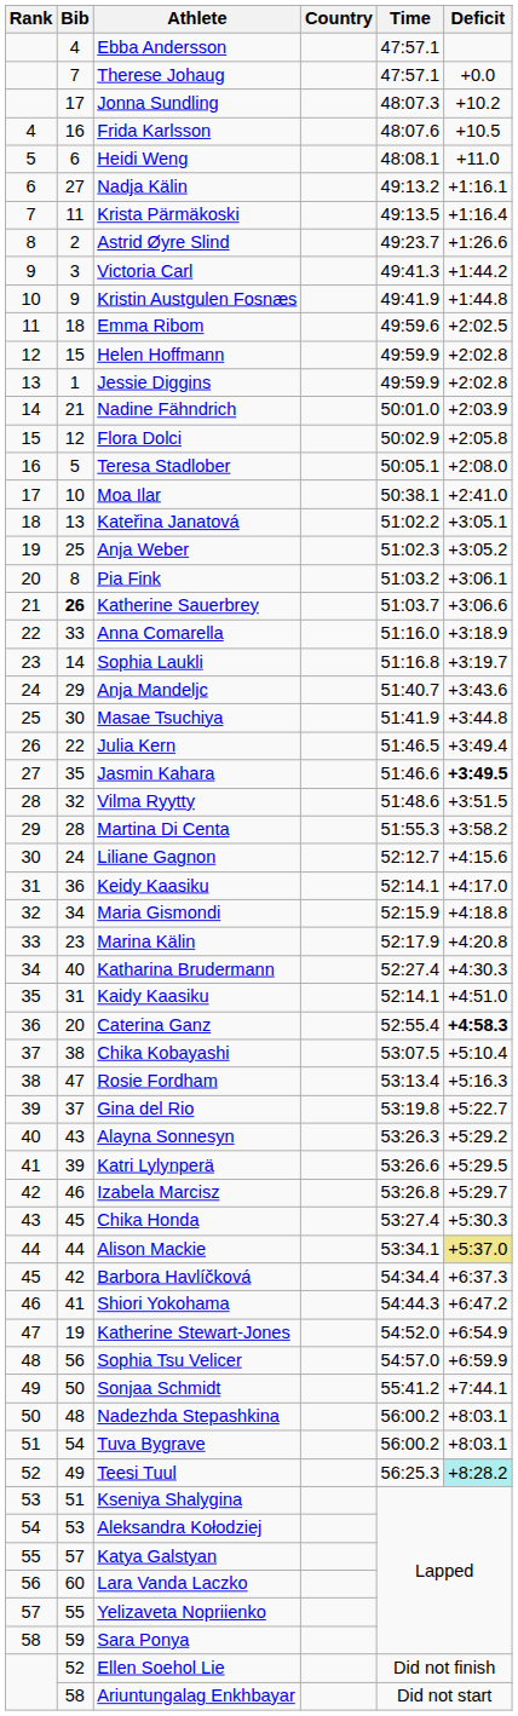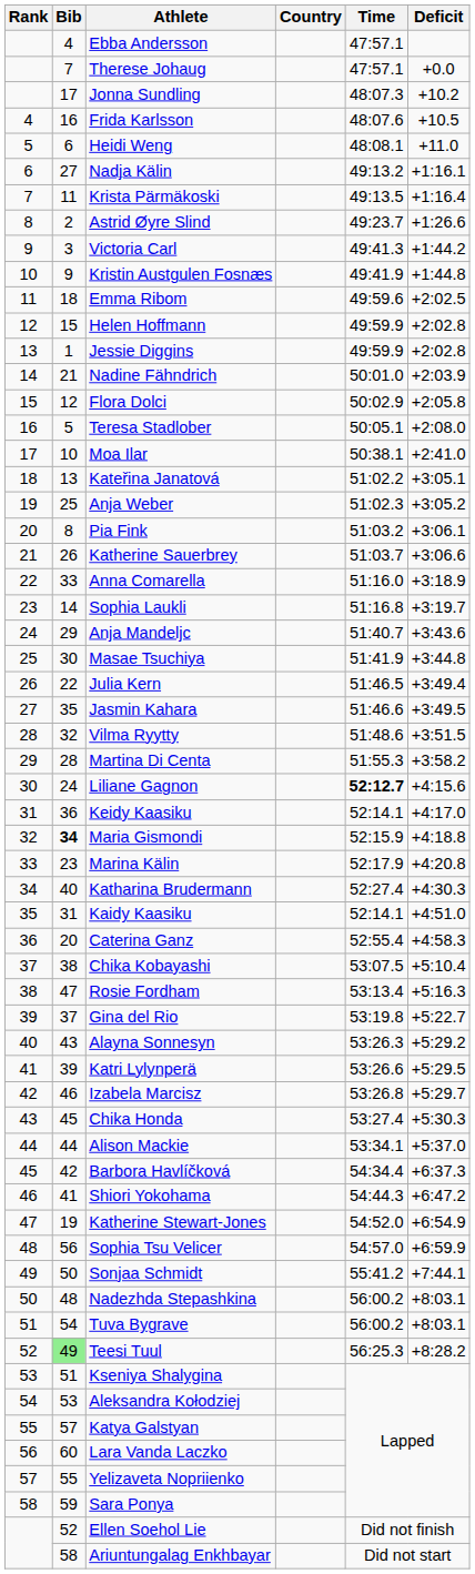 <table class="wikitable sortable" style="text-align:center">
 <tr>
 <th>Rank</th>
 <th>Bib</th>
 <th>Athlete</th>
 <th>Country</th>
 <th>Time</th>
 <th>Deficit</th>
 </tr>
 <tr>
 <td></td>
 <td>4</td>
 <td align=left><a href='#'>Ebba Andersson</a></td>
 <td align=left></td>
 <td>47:57.1</td>
 <td></td>
 </tr>
 <tr>
 <td></td>
 <td>7</td>
 <td align=left><a href='#'>Therese Johaug</a></td>
 <td align=left></td>
 <td>47:57.1</td>
 <td>+0.0</td>
 </tr>
 <tr>
 <td></td>
 <td>17</td>
 <td align=left><a href='#'>Jonna Sundling</a></td>
 <td align=left></td>
 <td>48:07.3</td>
 <td>+10.2</td>
 </tr>
 <tr>
 <td>4</td>
 <td>16</td>
 <td align=left><a href='#'>Frida Karlsson</a></td>
 <td align=left></td>
 <td>48:07.6</td>
 <td>+10.5</td>
 </tr>
 <tr>
 <td>5</td>
 <td>6</td>
 <td align=left><a href='#'>Heidi Weng</a></td>
 <td align=left></td>
 <td>48:08.1</td>
 <td>+11.0</td>
 </tr>
 <tr>
 <td>6</td>
 <td>27</td>
 <td align=left><a href='#'>Nadja Kälin</a></td>
 <td align=left></td>
 <td>49:13.2</td>
 <td>+1:16.1</td>
 </tr>
 <tr>
 <td>7</td>
 <td>11</td>
 <td align=left><a href='#'>Krista Pärmäkoski</a></td>
 <td align=left></td>
 <td>49:13.5</td>
 <td>+1:16.4</td>
 </tr>
 <tr>
 <td>8</td>
 <td>2</td>
 <td align=left><a href='#'>Astrid Øyre Slind</a></td>
 <td align=left></td>
 <td>49:23.7</td>
 <td>+1:26.6</td>
 </tr>
 <tr>
 <td>9</td>
 <td>3</td>
 <td align=left><a href='#'>Victoria Carl</a></td>
 <td align=left></td>
 <td>49:41.3</td>
 <td>+1:44.2</td>
 </tr>
 <tr>
 <td>10</td>
 <td>9</td>
 <td align=left><a href='#'>Kristin Austgulen Fosnæs</a></td>
 <td align=left></td>
 <td>49:41.9</td>
 <td>+1:44.8</td>
 </tr>
 <tr>
 <td>11</td>
 <td>18</td>
 <td align=left><a href='#'>Emma Ribom</a></td>
 <td align=left></td>
 <td>49:59.6</td>
 <td>+2:02.5</td>
 </tr>
 <tr>
 <td>12</td>
 <td>15</td>
 <td align=left><a href='#'>Helen Hoffmann</a></td>
 <td align=left></td>
 <td>49:59.9</td>
 <td>+2:02.8</td>
 </tr>
 <tr>
 <td>13</td>
 <td>1</td>
 <td align=left><a href='#'>Jessie Diggins</a></td>
 <td align=left></td>
 <td>49:59.9</td>
 <td>+2:02.8</td>
 </tr>
 <tr>
 <td>14</td>
 <td>21</td>
 <td align=left><a href='#'>Nadine Fähndrich</a></td>
 <td align=left></td>
 <td>50:01.0</td>
 <td>+2:03.9</td>
 </tr>
 <tr>
 <td>15</td>
 <td>12</td>
 <td align=left><a href='#'>Flora Dolci</a></td>
 <td align=left></td>
 <td>50:02.9</td>
 <td>+2:05.8</td>
 </tr>
 <tr>
 <td>16</td>
 <td>5</td>
 <td align=left><a href='#'>Teresa Stadlober</a></td>
 <td align=left></td>
 <td>50:05.1</td>
 <td>+2:08.0</td>
 </tr>
 <tr>
 <td>17</td>
 <td>10</td>
 <td align=left><a href='#'>Moa Ilar</a></td>
 <td align=left></td>
 <td>50:38.1</td>
 <td>+2:41.0</td>
 </tr>
 <tr>
 <td>18</td>
 <td>13</td>
 <td align=left><a href='#'>Kateřina Janatová</a></td>
 <td align=left></td>
 <td>51:02.2</td>
 <td>+3:05.1</td>
 </tr>
 <tr>
 <td>19</td>
 <td>25</td>
 <td align=left><a href='#'>Anja Weber</a></td>
 <td align=left></td>
 <td>51:02.3</td>
 <td>+3:05.2</td>
 </tr>
 <tr>
 <td>20</td>
 <td>8</td>
 <td align=left><a href='#'>Pia Fink</a></td>
 <td align=left></td>
 <td>51:03.2</td>
 <td>+3:06.1</td>
 </tr>
 <tr>
 <td>21</td>
-<td><strong>26</strong></td>
+<td>26</td>
 <td align=left><a href='#'>Katherine Sauerbrey</a></td>
 <td align=left></td>
 <td>51:03.7</td>
 <td>+3:06.6</td>
 </tr>
 <tr>
 <td>22</td>
 <td>33</td>
 <td align=left><a href='#'>Anna Comarella</a></td>
 <td align=left></td>
 <td>51:16.0</td>
 <td>+3:18.9</td>
 </tr>
 <tr>
 <td>23</td>
 <td>14</td>
 <td align=left><a href='#'>Sophia Laukli</a></td>
 <td align=left></td>
 <td>51:16.8</td>
 <td>+3:19.7</td>
 </tr>
 <tr>
 <td>24</td>
 <td>29</td>
 <td align=left><a href='#'>Anja Mandeljc</a></td>
 <td align=left></td>
 <td>51:40.7</td>
 <td>+3:43.6</td>
 </tr>
 <tr>
 <td>25</td>
 <td>30</td>
 <td align=left><a href='#'>Masae Tsuchiya</a></td>
 <td align=left></td>
 <td>51:41.9</td>
 <td>+3:44.8</td>
 </tr>
 <tr>
 <td>26</td>
 <td>22</td>
 <td align=left><a href='#'>Julia Kern</a></td>
 <td align=left></td>
 <td>51:46.5</td>
 <td>+3:49.4</td>
 </tr>
 <tr>
 <td>27</td>
 <td>35</td>
 <td align=left><a href='#'>Jasmin Kahara</a></td>
 <td align=left></td>
 <td>51:46.6</td>
-<td><strong>+3:49.5</strong></td>
+<td>+3:49.5</td>
 </tr>
 <tr>
 <td>28</td>
 <td>32</td>
 <td align=left><a href='#'>Vilma Ryytty</a></td>
 <td align=left></td>
 <td>51:48.6</td>
 <td>+3:51.5</td>
 </tr>
 <tr>
 <td>29</td>
 <td>28</td>
 <td align=left><a href='#'>Martina Di Centa</a></td>
 <td align=left></td>
 <td>51:55.3</td>
 <td>+3:58.2</td>
 </tr>
 <tr>
 <td>30</td>
 <td>24</td>
 <td align=left><a href='#'>Liliane Gagnon</a></td>
 <td align=left></td>
-<td>52:12.7</td>
+<td><strong>52:12.7</strong></td>
 <td>+4:15.6</td>
 </tr>
 <tr>
 <td>31</td>
 <td>36</td>
 <td align=left><a href='#'>Keidy Kaasiku</a></td>
 <td align=left></td>
 <td>52:14.1</td>
 <td>+4:17.0</td>
 </tr>
 <tr>
 <td>32</td>
-<td>34</td>
+<td><strong>34</strong></td>
 <td align=left><a href='#'>Maria Gismondi</a></td>
 <td align=left></td>
 <td>52:15.9</td>
 <td>+4:18.8</td>
 </tr>
 <tr>
 <td>33</td>
 <td>23</td>
 <td align=left><a href='#'>Marina Kälin</a></td>
 <td align=left></td>
 <td>52:17.9</td>
 <td>+4:20.8</td>
 </tr>
 <tr>
 <td>34</td>
 <td>40</td>
 <td align=left><a href='#'>Katharina Brudermann</a></td>
 <td align=left></td>
 <td>52:27.4</td>
 <td>+4:30.3</td>
 </tr>
 <tr>
 <td>35</td>
 <td>31</td>
 <td align=left><a href='#'>Kaidy Kaasiku</a></td>
 <td align=left></td>
 <td>52:14.1</td>
 <td>+4:51.0</td>
 </tr>
 <tr>
 <td>36</td>
 <td>20</td>
 <td align=left><a href='#'>Caterina Ganz</a></td>
 <td align=left></td>
 <td>52:55.4</td>
-<td><strong>+4:58.3</strong></td>
+<td>+4:58.3</td>
 </tr>
 <tr>
 <td>37</td>
 <td>38</td>
 <td align=left><a href='#'>Chika Kobayashi</a></td>
 <td align=left></td>
 <td>53:07.5</td>
 <td>+5:10.4</td>
 </tr>
 <tr>
 <td>38</td>
 <td>47</td>
 <td align=left><a href='#'>Rosie Fordham</a></td>
 <td align=left></td>
 <td>53:13.4</td>
 <td>+5:16.3</td>
 </tr>
 <tr>
 <td>39</td>
 <td>37</td>
 <td align=left><a href='#'>Gina del Rio</a></td>
 <td align=left></td>
 <td>53:19.8</td>
 <td>+5:22.7</td>
 </tr>
 <tr>
 <td>40</td>
 <td>43</td>
 <td align=left><a href='#'>Alayna Sonnesyn</a></td>
 <td align=left></td>
 <td>53:26.3</td>
 <td>+5:29.2</td>
 </tr>
 <tr>
 <td>41</td>
 <td>39</td>
 <td align=left><a href='#'>Katri Lylynperä</a></td>
 <td align=left></td>
 <td>53:26.6</td>
 <td>+5:29.5</td>
 </tr>
 <tr>
 <td>42</td>
 <td>46</td>
 <td align=left><a href='#'>Izabela Marcisz</a></td>
 <td align=left></td>
 <td>53:26.8</td>
 <td>+5:29.7</td>
 </tr>
 <tr>
 <td>43</td>
 <td>45</td>
 <td align=left><a href='#'>Chika Honda</a></td>
 <td align=left></td>
 <td>53:27.4</td>
 <td>+5:30.3</td>
 </tr>
 <tr>
 <td>44</td>
 <td>44</td>
 <td align=left><a href='#'>Alison Mackie</a></td>
 <td align=left></td>
 <td>53:34.1</td>
-<td style="background: khaki;">+5:37.0</td>
+<td>+5:37.0</td>
 </tr>
 <tr>
 <td>45</td>
 <td>42</td>
 <td align=left><a href='#'>Barbora Havlíčková</a></td>
 <td align=left></td>
 <td>54:34.4</td>
 <td>+6:37.3</td>
 </tr>
 <tr>
 <td>46</td>
 <td>41</td>
 <td align=left><a href='#'>Shiori Yokohama</a></td>
 <td align=left></td>
 <td>54:44.3</td>
 <td>+6:47.2</td>
 </tr>
 <tr>
 <td>47</td>
 <td>19</td>
 <td align=left><a href='#'>Katherine Stewart-Jones</a></td>
 <td align=left></td>
 <td>54:52.0</td>
 <td>+6:54.9</td>
 </tr>
 <tr>
 <td>48</td>
 <td>56</td>
 <td align=left><a href='#'>Sophia Tsu Velicer</a></td>
 <td align=left></td>
 <td>54:57.0</td>
 <td>+6:59.9</td>
 </tr>
 <tr>
 <td>49</td>
 <td>50</td>
 <td align=left><a href='#'>Sonjaa Schmidt</a></td>
 <td align=left></td>
 <td>55:41.2</td>
 <td>+7:44.1</td>
 </tr>
 <tr>
 <td>50</td>
 <td>48</td>
 <td align=left><a href='#'>Nadezhda Stepashkina</a></td>
 <td align=left></td>
 <td>56:00.2</td>
 <td>+8:03.1</td>
 </tr>
 <tr>
 <td>51</td>
 <td>54</td>
 <td align=left><a href='#'>Tuva Bygrave</a></td>
 <td align=left></td>
 <td>56:00.2</td>
 <td>+8:03.1</td>
 </tr>
 <tr>
 <td>52</td>
-<td>49</td>
+<td style="background: lightgreen;">49</td>
 <td align=left><a href='#'>Teesi Tuul</a></td>
 <td align=left></td>
 <td>56:25.3</td>
-<td style="background: paleturquoise;">+8:28.2</td>
+<td>+8:28.2</td>
 </tr>
 <tr>
 <td>53</td>
 <td>51</td>
 <td align=left><a href='#'>Kseniya Shalygina</a></td>
 <td align=left></td>
 <td rowspan=6 colspan=2>Lapped</td>
 </tr>
 <tr>
 <td>54</td>
 <td>53</td>
 <td align=left><a href='#'>Aleksandra Kołodziej</a></td>
 <td align=left></td>
 </tr>
 <tr>
 <td>55</td>
 <td>57</td>
 <td align=left><a href='#'>Katya Galstyan</a></td>
 <td align=left></td>
 </tr>
 <tr>
 <td>56</td>
 <td>60</td>
 <td align=left><a href='#'>Lara Vanda Laczko</a></td>
 <td align=left></td>
 </tr>
 <tr>
 <td>57</td>
 <td>55</td>
 <td align=left><a href='#'>Yelizaveta Nopriienko</a></td>
 <td align=left></td>
 </tr>
 <tr>
 <td>58</td>
 <td>59</td>
 <td align=left><a href='#'>Sara Ponya</a></td>
 <td align=left></td>
 </tr>
 <tr>
 <td rowspan=2></td>
 <td>52</td>
 <td align=left><a href='#'>Ellen Soehol Lie</a></td>
 <td align=left></td>
 <td colspan=2>Did not finish</td>
 </tr>
 <tr>
 <td>58</td>
 <td align=left><a href='#'>Ariuntungalag Enkhbayar</a></td>
 <td align=left></td>
 <td colspan=2>Did not start</td>
 </tr>
 </table>
